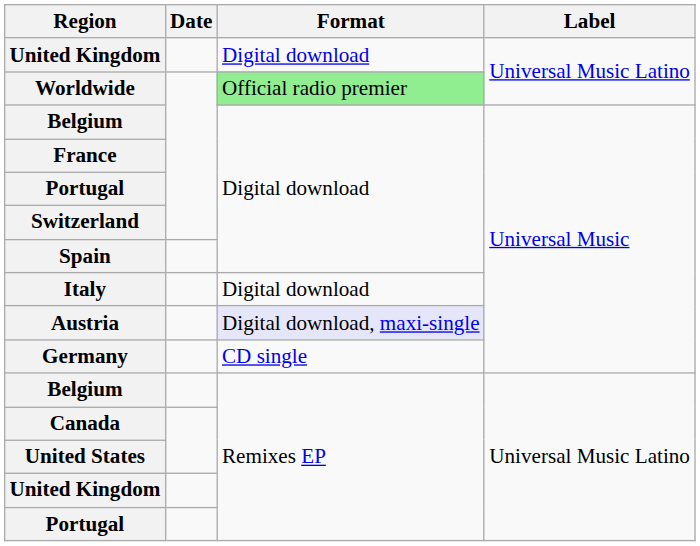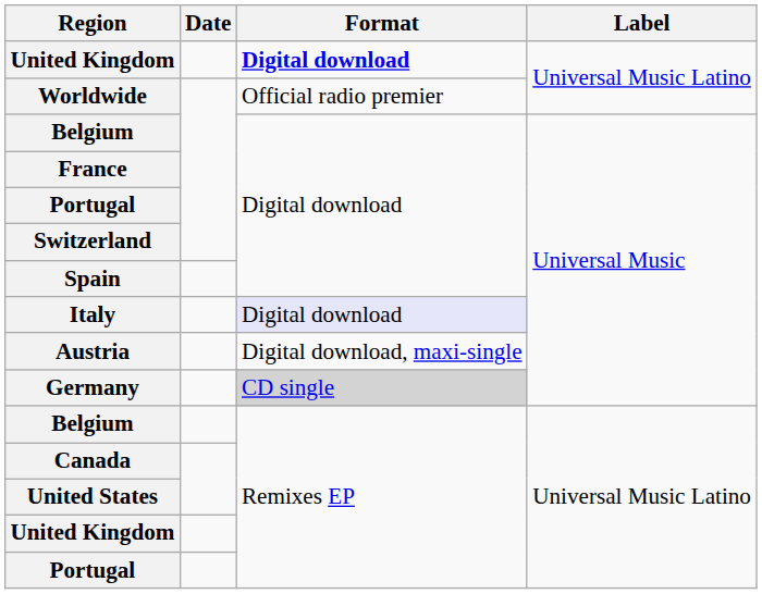 <table class="wikitable plainrowheaders">
 <tr>
 <th scope="col">Region</th>
 <th scope="col">Date</th>
 <th scope="col">Format</th>
 <th scope="col">Label</th>
 </tr>
 <tr>
 <th scope="row">United Kingdom</th>
 <td></td>
-<td><a href='#'>Digital download</a></td>
+<td><strong><a href='#'>Digital download</a></strong></td>
 <td rowspan="2"><a href='#'>Universal Music Latino</a></td>
 </tr>
 <tr>
 <th scope="row">Worldwide</th>
 <td rowspan="5"></td>
-<td style="background: lightgreen;">Official radio premier</td>
+<td>Official radio premier</td>
 </tr>
 <tr>
 <th scope="row">Belgium</th>
 <td rowspan="5">Digital download</td>
 <td rowspan="8"><a href='#'>Universal Music</a></td>
 </tr>
 <tr>
 <th scope="row">France</th>
 </tr>
 <tr>
 <th scope="row">Portugal</th>
 </tr>
 <tr>
 <th scope="row">Switzerland</th>
 </tr>
 <tr>
 <th scope="row">Spain</th>
 <td></td>
 </tr>
 <tr>
 <th scope="row">Italy</th>
 <td></td>
-<td>Digital download</td>
+<td style="background: lavender;">Digital download</td>
 </tr>
 <tr>
 <th scope="row">Austria</th>
 <td></td>
-<td style="background: lavender;">Digital download, <a href='#'>maxi-single</a></td>
+<td>Digital download, <a href='#'>maxi-single</a></td>
 </tr>
 <tr>
 <th scope="row">Germany</th>
 <td></td>
-<td><a href='#'>CD single</a></td>
+<td style="background: lightgrey;"><a href='#'>CD single</a></td>
 </tr>
 <tr>
 <th scope="row">Belgium</th>
 <td></td>
 <td rowspan="5">Remixes <a href='#'>EP</a></td>
 <td rowspan="5">Universal Music Latino</td>
 </tr>
 <tr>
 <th scope="row">Canada</th>
 <td rowspan="2"></td>
 </tr>
 <tr>
 <th scope="row">United States</th>
 </tr>
 <tr>
 <th scope="row">United Kingdom</th>
 <td></td>
 </tr>
 <tr>
 <th scope="row">Portugal</th>
 <td></td>
 </tr>
 </table>
